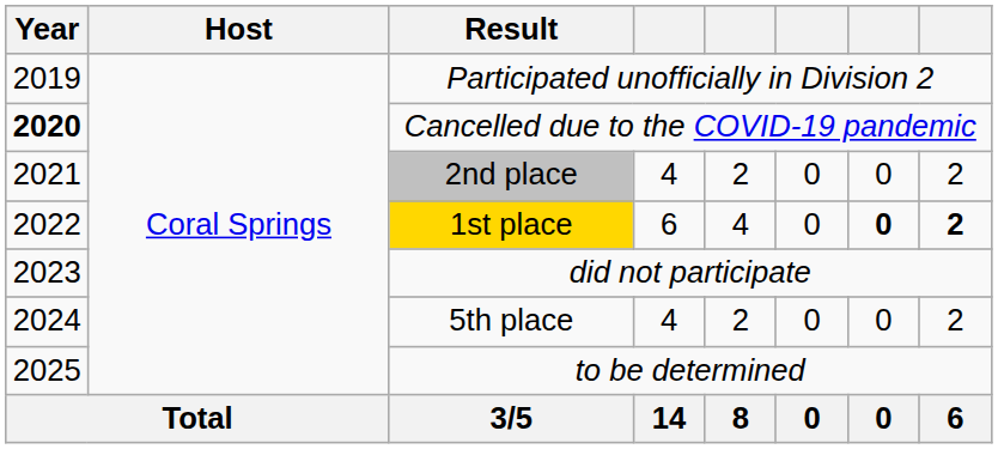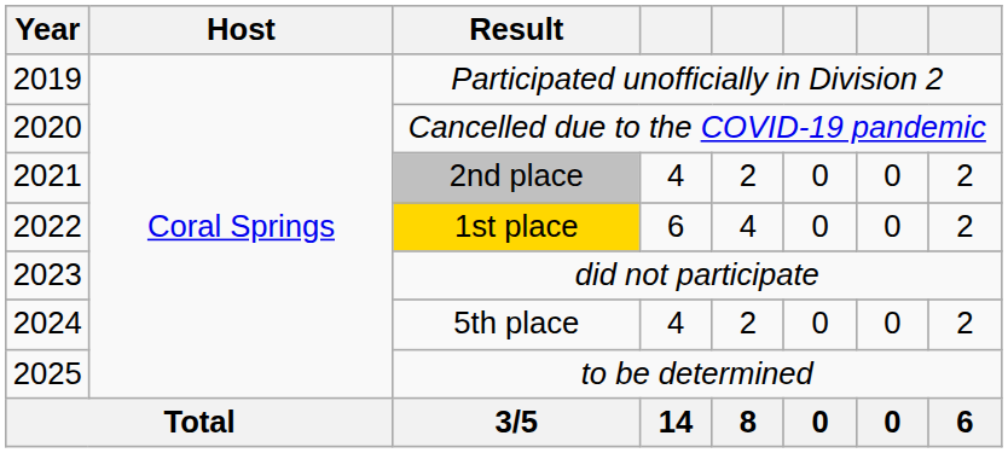 <table class="wikitable" style="text-align:center">
 <tr>
 <th width=30>Year</th>
 <th width=150>Host</th>
 <th width=120>Result</th>
 <th width=30></th>
 <th width=30></th>
 <th width=30></th>
 <th width=30></th>
 <th width=30></th>
 </tr>
 <tr>
 <td>2019</td>
 <td rowspan=7> <a href='#'>Coral Springs</a></td>
 <td colspan=6><em>Participated unofficially in Division 2</em></td>
 </tr>
 <tr>
-<td><strong>2020</strong></td>
+<td>2020</td>
 <td colspan=6><em>Cancelled due to the <a href='#'>COVID-19 pandemic</a></em></td>
 </tr>
 <tr>
 <td>2021</td>
 <td bgcolor="silver"> 2nd place<br></td>
 <td>4</td>
 <td>2</td>
 <td>0</td>
 <td>0</td>
 <td>2</td>
 </tr>
 <tr>
 <td>2022</td>
 <td bgcolor="gold"> 1st place<br></td>
 <td>6</td>
 <td>4</td>
 <td>0</td>
-<td><strong>0</strong></td>
-<td><strong>2</strong></td>
+<td>0</td>
+<td>2</td>
 </tr>
 <tr>
 <td>2023</td>
 <td colspan=6><em>did not participate</em></td>
 </tr>
 <tr>
 <td>2024</td>
 <td>5th place</td>
 <td>4</td>
 <td>2</td>
 <td>0</td>
 <td>0</td>
 <td>2</td>
 </tr>
 <tr>
 <td>2025</td>
 <td colspan=6><em>to be determined</em></td>
 </tr>
 <tr>
 <th colspan=2>Total</th>
 <th>3/5</th>
 <th>14</th>
 <th>8</th>
 <th>0</th>
 <th>0</th>
 <th>6</th>
 </tr>
 </table>
